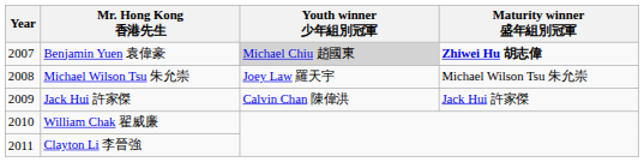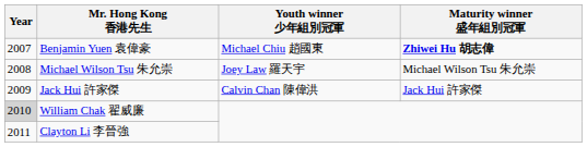 <table class="wikitable">
 <tr>
 <th width="5%">Year</th>
 <th width="28%">Mr. Hong Kong <br> 香港先生</th>
 <th width="28%">Youth winner <br> 少年組別冠軍</th>
 <th width="28%">Maturity winner <br> 盛年組別冠軍</th>
 </tr>
 <tr>
 <td>2007</td>
 <td><a href='#'>Benjamin Yuen</a> 袁偉豪</td>
-<td style="background: lightgrey;"><a href='#'>Michael Chiu</a> 趙國東</td>
+<td><a href='#'>Michael Chiu</a> 趙國東</td>
 <td><strong><a href='#'>Zhiwei Hu</a> 胡志偉</strong></td>
 </tr>
 <tr>
 <td>2008</td>
 <td><a href='#'>Michael Wilson Tsu</a> 朱允崇</td>
 <td><a href='#'>Joey Law</a> 羅天宇</td>
 <td>Michael Wilson Tsu 朱允崇</td>
 </tr>
 <tr>
 <td>2009</td>
 <td><a href='#'>Jack Hui</a> 許家傑</td>
 <td><a href='#'>Calvin Chan</a> 陳偉洪</td>
 <td><a href='#'>Jack Hui</a> 許家傑</td>
 </tr>
 <tr>
-<td>2010</td>
+<td style="background: lightgrey;">2010</td>
 <td><a href='#'>William Chak</a> 翟威廉</td>
 </tr>
 <tr>
 <td>2011</td>
 <td><a href='#'>Clayton Li</a> 李晉強</td>
 </tr>
 </table>
